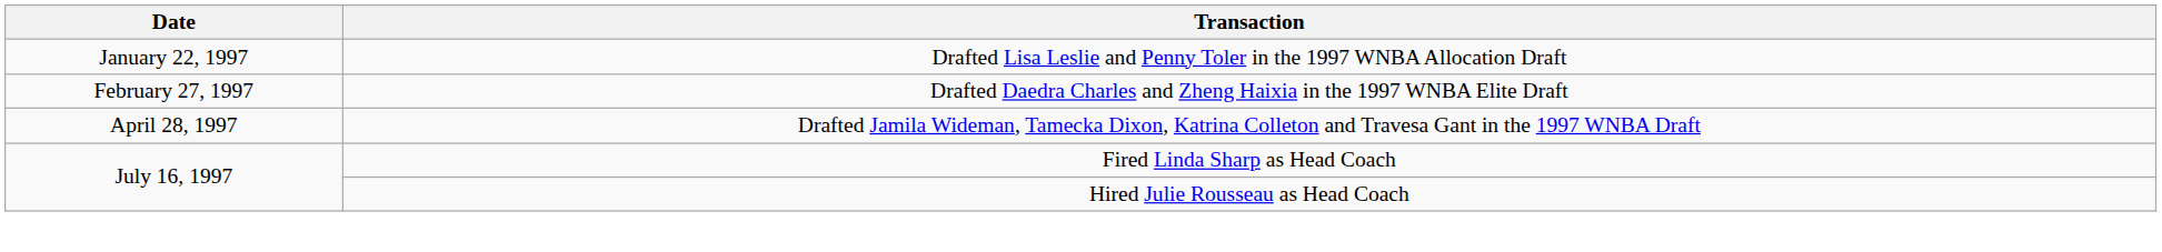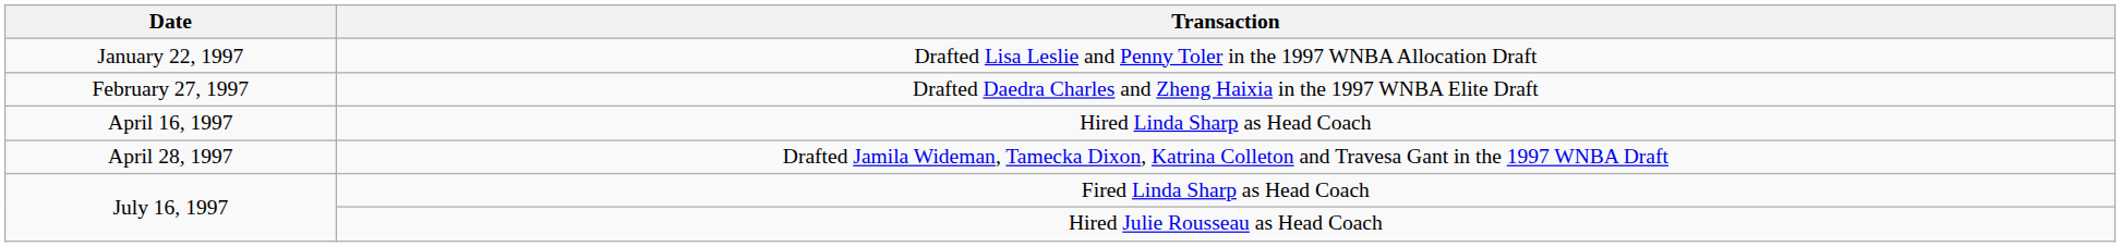 <table class="wikitable" style="width:80%; text-align: center;">
 <tr>
 <th>Date</th>
 <th>Transaction</th>
 </tr>
 <tr>
 <td>January 22, 1997</td>
 <td>Drafted <a href='#'>Lisa Leslie</a> and <a href='#'>Penny Toler</a> in the 1997 WNBA Allocation Draft</td>
 </tr>
 <tr>
 <td>February 27, 1997</td>
 <td>Drafted <a href='#'>Daedra Charles</a> and <a href='#'>Zheng Haixia</a> in the 1997 WNBA Elite Draft</td>
 </tr>
 <tr>
+<td>April 16, 1997</td>
+<td>Hired <a href='#'>Linda Sharp</a> as Head Coach</td>
+</tr>
+<tr>
 <td>April 28, 1997</td>
 <td>Drafted <a href='#'>Jamila Wideman</a>, <a href='#'>Tamecka Dixon</a>, <a href='#'>Katrina Colleton</a> and Travesa Gant in the <a href='#'>1997 WNBA Draft</a></td>
 </tr>
 <tr>
 <td rowspan="2">July 16, 1997</td>
 <td>Fired <a href='#'>Linda Sharp</a> as Head Coach</td>
 </tr>
 <tr>
 <td>Hired <a href='#'>Julie Rousseau</a> as Head Coach</td>
 </tr>
 </table>
